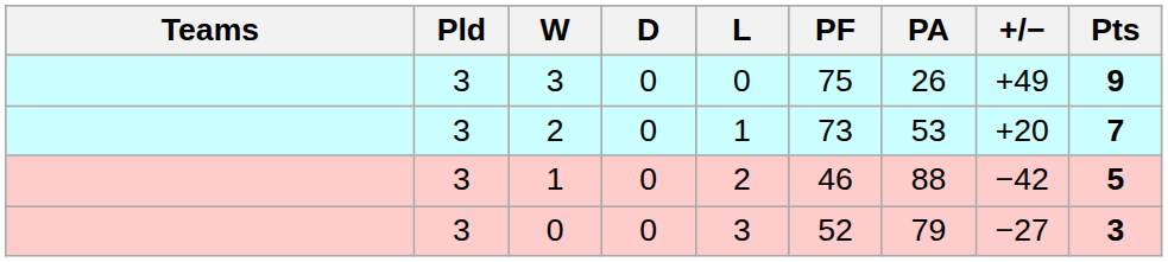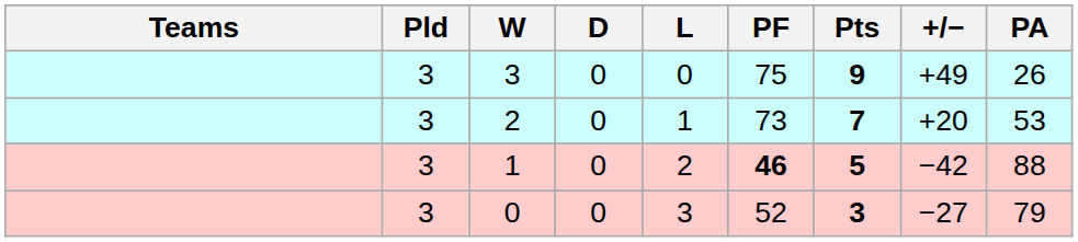 <table class="wikitable" style="text-align: center;">
 <tr>
 <th width="200">Teams</th>
 <th width="40">Pld</th>
 <th width="40">W</th>
 <th width="40">D</th>
 <th width="40">L</th>
 <th width="40">PF</th>
+<th width="40">Pts</th>
+<th width="40">+/−</th>
 <th width="40">PA</th>
-<th width="40">+/−</th>
-<th width="40">Pts</th>
 </tr>
 <tr bgcolor=ccffff>
 <td align=left></td>
 <td>3</td>
 <td>3</td>
 <td>0</td>
 <td>0</td>
 <td>75</td>
+<td><strong>9</strong></td>
+<td>+49</td>
 <td>26</td>
-<td>+49</td>
-<td><strong>9</strong></td>
 </tr>
 <tr bgcolor=ccffff>
 <td align=left></td>
 <td>3</td>
 <td>2</td>
 <td>0</td>
 <td>1</td>
 <td>73</td>
+<td><strong>7</strong></td>
+<td>+20</td>
 <td>53</td>
-<td>+20</td>
-<td><strong>7</strong></td>
 </tr>
 <tr bgcolor=ffcccc>
 <td align=left></td>
 <td>3</td>
 <td>1</td>
 <td>0</td>
 <td>2</td>
-<td>46</td>
+<td><strong>46</strong></td>
+<td><strong>5</strong></td>
+<td>−42</td>
 <td>88</td>
-<td>−42</td>
-<td><strong>5</strong></td>
 </tr>
 <tr bgcolor=ffcccc>
 <td align=left></td>
 <td>3</td>
 <td>0</td>
 <td>0</td>
 <td>3</td>
 <td>52</td>
+<td><strong>3</strong></td>
+<td>−27</td>
 <td>79</td>
-<td>−27</td>
-<td><strong>3</strong></td>
 </tr>
 </table>
